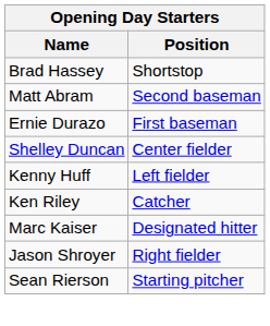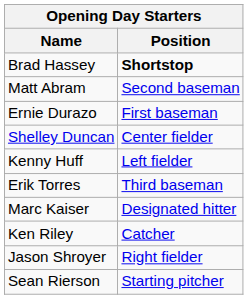 <table class="wikitable">
 <tr>
 <th colspan="2">Opening Day Starters</th>
 </tr>
 <tr>
 <th>Name</th>
 <th>Position</th>
 </tr>
 <tr>
 <td>Brad Hassey</td>
-<td>Shortstop</td>
+<td><strong>Shortstop</strong></td>
 </tr>
 <tr>
 <td>Matt Abram</td>
 <td><a href='#'>Second baseman</a></td>
 </tr>
 <tr>
 <td>Ernie Durazo</td>
 <td><a href='#'>First baseman</a></td>
 </tr>
 <tr>
 <td><a href='#'>Shelley Duncan</a></td>
 <td><a href='#'>Center fielder</a></td>
 </tr>
 <tr>
 <td>Kenny Huff</td>
 <td><a href='#'>Left fielder</a></td>
 </tr>
 <tr>
-<td>Ken Riley</td>
-<td><a href='#'>Catcher</a></td>
+<td>Erik Torres</td>
+<td><a href='#'>Third baseman</a></td>
 </tr>
 <tr>
 <td>Marc Kaiser</td>
 <td><a href='#'>Designated hitter</a></td>
+</tr>
+<tr>
+<td>Ken Riley</td>
+<td><a href='#'>Catcher</a></td>
 </tr>
 <tr>
 <td>Jason Shroyer</td>
 <td><a href='#'>Right fielder</a></td>
 </tr>
 <tr>
 <td>Sean Rierson</td>
 <td><a href='#'>Starting pitcher</a></td>
 </tr>
 </table>
